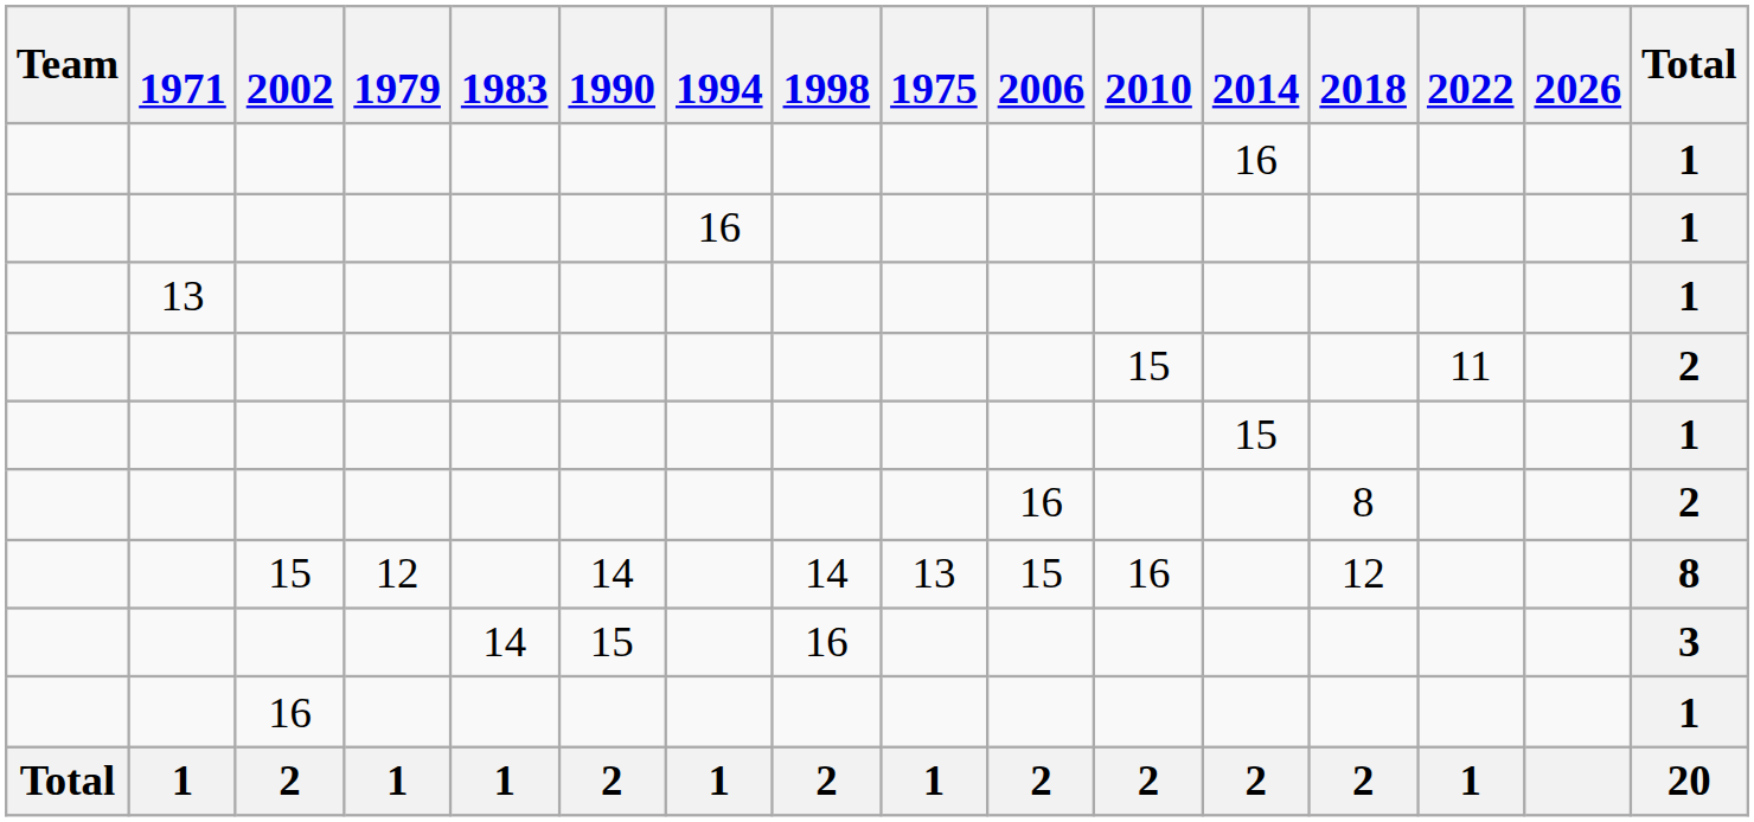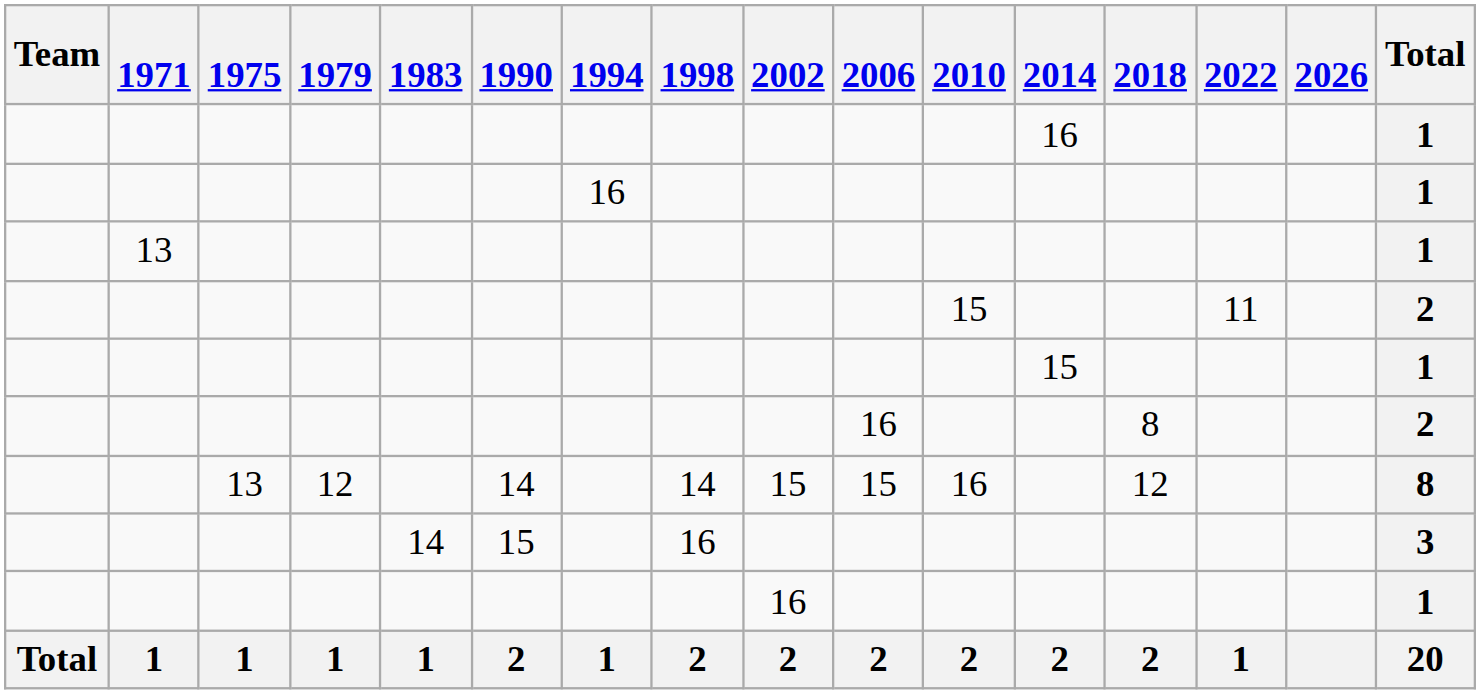 <table class="wikitable" style="text-align:center;">
 <tr bgcolor=>
 <th><strong>Team</strong></th>
 <th><br><a href='#'>1971</a></th>
-<th><br><a href='#'>2002</a></th>
+<th><br><a href='#'>1975</a></th>
 <th><br><a href='#'>1979</a></th>
 <th><br><a href='#'>1983</a></th>
 <th><br><a href='#'>1990</a></th>
 <th><br><a href='#'>1994</a></th>
 <th><br><a href='#'>1998</a></th>
-<th><br><a href='#'>1975</a></th>
+<th><br><a href='#'>2002</a></th>
 <th><br><a href='#'>2006</a></th>
 <th><br><a href='#'>2010</a></th>
 <th><br><a href='#'>2014</a></th>
 <th><br><a href='#'>2018</a></th>
 <th><br><a href='#'>2022</a></th>
 <th><br><a href='#'>2026</a></th>
 <th><strong>Total</strong></th>
 </tr>
 <tr>
 <td align="left"></td>
 <td></td>
 <td></td>
 <td></td>
 <td></td>
 <td></td>
 <td></td>
 <td></td>
 <td></td>
 <td></td>
 <td></td>
 <td>16</td>
 <td></td>
 <td></td>
 <td></td>
 <th>1</th>
 </tr>
 <tr>
 <td align="left"></td>
 <td></td>
 <td></td>
 <td></td>
 <td></td>
 <td></td>
 <td>16</td>
 <td></td>
 <td></td>
 <td></td>
 <td></td>
 <td></td>
 <td></td>
 <td></td>
 <td></td>
 <th>1</th>
 </tr>
 <tr>
 <td align="left"></td>
 <td>13</td>
 <td></td>
 <td></td>
 <td></td>
 <td></td>
 <td></td>
 <td></td>
 <td></td>
 <td></td>
 <td></td>
 <td></td>
 <td></td>
 <td></td>
 <td></td>
 <th>1</th>
 </tr>
 <tr>
 <td align="left"></td>
 <td></td>
 <td></td>
 <td></td>
 <td></td>
 <td></td>
 <td></td>
 <td></td>
 <td></td>
 <td></td>
 <td>15</td>
 <td></td>
 <td></td>
 <td>11</td>
 <td></td>
 <th>2</th>
 </tr>
 <tr>
 <td align="left"></td>
 <td></td>
 <td></td>
 <td></td>
 <td></td>
 <td></td>
 <td></td>
 <td></td>
 <td></td>
 <td></td>
 <td></td>
 <td>15</td>
 <td></td>
 <td></td>
 <td></td>
 <th>1</th>
 </tr>
 <tr>
 <td align="left"></td>
 <td></td>
 <td></td>
 <td></td>
 <td></td>
 <td></td>
 <td></td>
 <td></td>
 <td></td>
 <td>16</td>
 <td></td>
 <td></td>
 <td>8</td>
 <td></td>
 <td></td>
 <th>2</th>
 </tr>
 <tr>
 <td align="left"></td>
 <td></td>
-<td>15</td>
+<td>13</td>
 <td>12</td>
 <td></td>
 <td>14</td>
 <td></td>
 <td>14</td>
-<td>13</td>
+<td>15</td>
 <td>15</td>
 <td>16</td>
 <td></td>
 <td>12</td>
 <td></td>
 <td></td>
 <th>8</th>
 </tr>
 <tr>
 <td align="left"></td>
 <td></td>
 <td></td>
 <td></td>
 <td>14</td>
 <td>15</td>
 <td></td>
 <td>16</td>
 <td></td>
 <td></td>
 <td></td>
 <td></td>
 <td></td>
 <td></td>
 <td></td>
 <th>3</th>
 </tr>
 <tr>
 <td align="left"></td>
 <td></td>
-<td>16</td>
 <td></td>
 <td></td>
 <td></td>
 <td></td>
 <td></td>
 <td></td>
+<td>16</td>
 <td></td>
 <td></td>
 <td></td>
 <td></td>
 <td></td>
 <td></td>
 <th>1</th>
 </tr>
 <tr>
 <th align=left>Total</th>
 <th>1</th>
-<th>2</th>
+<th>1</th>
 <th>1</th>
 <th>1</th>
 <th>2</th>
 <th>1</th>
 <th>2</th>
-<th>1</th>
+<th>2</th>
 <th>2</th>
 <th>2</th>
 <th>2</th>
 <th>2</th>
 <th>1</th>
 <th></th>
 <th>20</th>
 </tr>
 </table>
